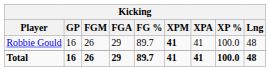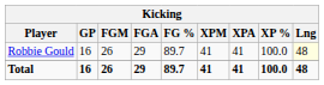 <table class="wikitable">
 <tr>
 <th colspan="9">Kicking</th>
 </tr>
 <tr>
 <th>Player</th>
 <th>GP</th>
 <th>FGM</th>
 <th>FGA</th>
 <th>FG %</th>
 <th>XPM</th>
 <th>XPA</th>
 <th>XP %</th>
 <th>Lng</th>
 </tr>
 <tr>
 <td><a href='#'>Robbie Gould</a></td>
 <td>16</td>
 <td>26</td>
 <td>29</td>
 <td>89.7</td>
-<td><strong>41</strong></td>
+<td>41</td>
 <td>41</td>
 <td>100.0</td>
-<td>48</td>
+<td style="background: lightyellow;">48</td>
 </tr>
 <tr>
 </tr>
 <tr class="sortbottom">
 <td><strong>Total</strong></td>
 <td><strong>16</strong></td>
 <td><strong>26</strong></td>
 <td><strong>29</strong></td>
 <td><strong>89.7</strong></td>
 <td><strong>41</strong></td>
 <td><strong>41</strong></td>
 <td><strong>100.0</strong></td>
 <td><strong>48</strong></td>
 </tr>
 </table>
